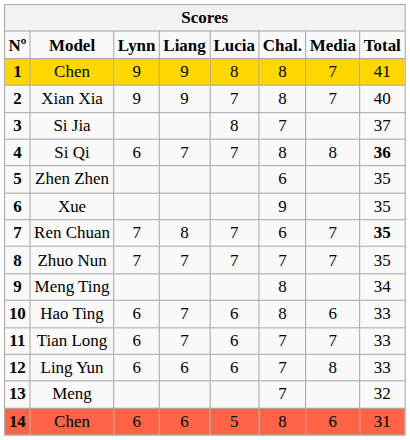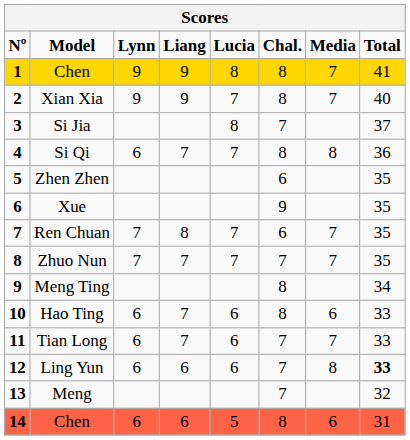 <table class="wikitable collapsible autocollapse" style="text-align:center;">
 <tr>
 <th colspan="8">Scores</th>
 </tr>
 <tr>
 <td><strong>Nº</strong></td>
 <td><strong>Model</strong></td>
 <td><strong>Lynn</strong></td>
 <td><strong>Liang</strong></td>
 <td><strong>Lucia</strong></td>
 <td><strong>Chal.</strong></td>
 <td><strong>Media</strong></td>
 <td><strong>Total</strong></td>
 </tr>
 <tr>
 <td style="background:gold"><strong>1</strong></td>
 <td style="background:gold">Chen</td>
 <td style="background:gold">9</td>
 <td style="background:gold">9</td>
 <td style="background:gold">8</td>
 <td style="background:gold">8</td>
 <td style="background:gold">7</td>
 <td style="background:gold">41</td>
 </tr>
 <tr>
 <td><strong>2</strong></td>
 <td>Xian Xia</td>
 <td>9</td>
 <td>9</td>
 <td>7</td>
 <td>8</td>
 <td>7</td>
 <td>40</td>
 </tr>
 <tr>
 <td><strong>3</strong></td>
 <td>Si Jia</td>
 <td></td>
 <td></td>
 <td>8</td>
 <td>7</td>
 <td></td>
 <td>37</td>
 </tr>
 <tr>
 <td><strong>4</strong></td>
 <td>Si Qi</td>
 <td>6</td>
 <td>7</td>
 <td>7</td>
 <td>8</td>
 <td>8</td>
-<td><strong>36</strong></td>
+<td>36</td>
 </tr>
 <tr>
 <td><strong>5</strong></td>
 <td>Zhen Zhen</td>
 <td></td>
 <td></td>
 <td></td>
 <td>6</td>
 <td></td>
 <td>35</td>
 </tr>
 <tr>
 <td><strong>6</strong></td>
 <td>Xue</td>
 <td></td>
 <td></td>
 <td></td>
 <td>9</td>
 <td></td>
 <td>35</td>
 </tr>
 <tr>
 <td><strong>7</strong></td>
 <td>Ren Chuan</td>
 <td>7</td>
 <td>8</td>
 <td>7</td>
 <td>6</td>
 <td>7</td>
-<td><strong>35</strong></td>
+<td>35</td>
 </tr>
 <tr>
 <td><strong>8</strong></td>
 <td>Zhuo Nun</td>
 <td>7</td>
 <td>7</td>
 <td>7</td>
 <td>7</td>
 <td>7</td>
 <td>35</td>
 </tr>
 <tr>
 <td><strong>9</strong></td>
 <td>Meng Ting</td>
 <td></td>
 <td></td>
 <td></td>
 <td>8</td>
 <td></td>
 <td>34</td>
 </tr>
 <tr>
 <td><strong>10</strong></td>
 <td>Hao Ting</td>
 <td>6</td>
 <td>7</td>
 <td>6</td>
 <td>8</td>
 <td>6</td>
 <td>33</td>
 </tr>
 <tr>
 <td><strong>11</strong></td>
 <td>Tian Long</td>
 <td>6</td>
 <td>7</td>
 <td>6</td>
 <td>7</td>
 <td>7</td>
 <td>33</td>
 </tr>
 <tr>
 <td><strong>12</strong></td>
 <td>Ling Yun</td>
 <td>6</td>
 <td>6</td>
 <td>6</td>
 <td>7</td>
 <td>8</td>
-<td>33</td>
+<td><strong>33</strong></td>
 </tr>
 <tr>
 <td><strong>13</strong></td>
 <td>Meng</td>
 <td></td>
 <td></td>
 <td></td>
 <td>7</td>
 <td></td>
 <td>32</td>
 </tr>
 <tr>
 <td style="background:tomato"><strong>14</strong></td>
 <td style="background:tomato">Chen</td>
 <td style="background:tomato">6</td>
 <td style="background:tomato">6</td>
 <td style="background:tomato">5</td>
 <td style="background:tomato">8</td>
 <td style="background:tomato">6</td>
 <td style="background:tomato">31</td>
 </tr>
 </table>
